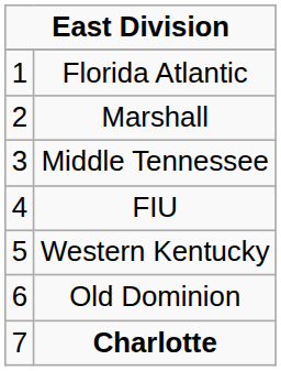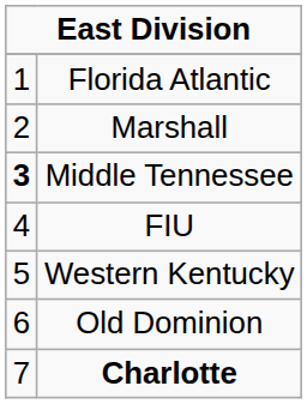 <table class="wikitable">
 <tr align="center">
 <td align="center" Colspan="3"><strong>East Division</strong></td>
 </tr>
 <tr align="center">
 </tr>
 <tr align="center">
 <td>1</td>
 <td>Florida Atlantic</td>
 </tr>
 <tr align="center">
 <td>2</td>
 <td>Marshall</td>
 </tr>
 <tr align="center">
-<td>3</td>
+<td><strong>3</strong></td>
 <td>Middle Tennessee</td>
 </tr>
 <tr align="center">
 <td>4</td>
 <td>FIU</td>
 </tr>
 <tr align="center">
 <td>5</td>
 <td>Western Kentucky</td>
 </tr>
 <tr align="center">
 <td>6</td>
 <td>Old Dominion</td>
 </tr>
 <tr align="center">
 <td>7</td>
 <td><strong>Charlotte</strong></td>
 </tr>
 </table>
